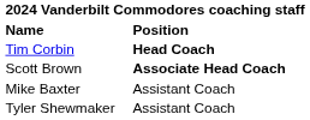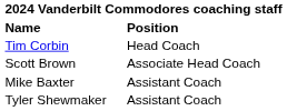 <table class="toccolours" style="text-align: left; font-size:90%;">
 <tr>
 <th colspan="9">2024 Vanderbilt Commodores coaching staff</th>
 </tr>
 <tr>
 <th>Name</th>
 <th>Position</th>
 </tr>
 <tr>
 <td><a href='#'>Tim Corbin</a></td>
-<td><strong>Head Coach</strong></td>
+<td>Head Coach</td>
 </tr>
 <tr>
 <td>Scott Brown</td>
-<td><strong>Associate Head Coach</strong></td>
+<td>Associate Head Coach</td>
 </tr>
 <tr>
 <td>Mike Baxter</td>
 <td>Assistant Coach</td>
 </tr>
 <tr>
 <td>Tyler Shewmaker</td>
 <td>Assistant Coach</td>
 </tr>
 </table>
